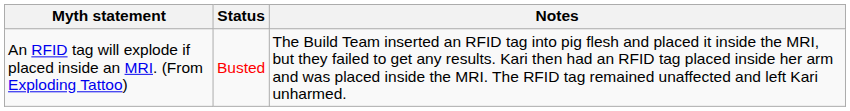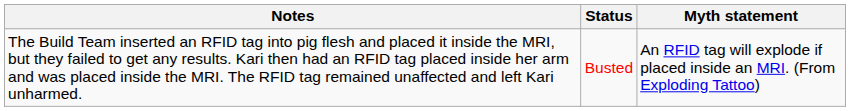 <table class="wikitable plainrowheaders">
 <tr>
+<th>Notes</th>
+<th>Status</th>
 <th>Myth statement</th>
-<th>Status</th>
-<th>Notes</th>
 </tr>
 <tr>
+<td>The Build Team inserted an RFID tag into pig flesh and placed it inside the MRI, but they failed to get any results. Kari then had an RFID tag placed inside her arm and was placed inside the MRI. The RFID tag remained unaffected and left Kari unharmed.</td>
+<td style="color:Red">Busted</td>
 <td>An <a href='#'>RFID</a> tag will explode if placed inside an <a href='#'>MRI</a>. (From <a href='#'>Exploding Tattoo</a>)</td>
-<td style="color:Red">Busted</td>
-<td>The Build Team inserted an RFID tag into pig flesh and placed it inside the MRI, but they failed to get any results. Kari then had an RFID tag placed inside her arm and was placed inside the MRI. The RFID tag remained unaffected and left Kari unharmed.</td>
 </tr>
 </table>
